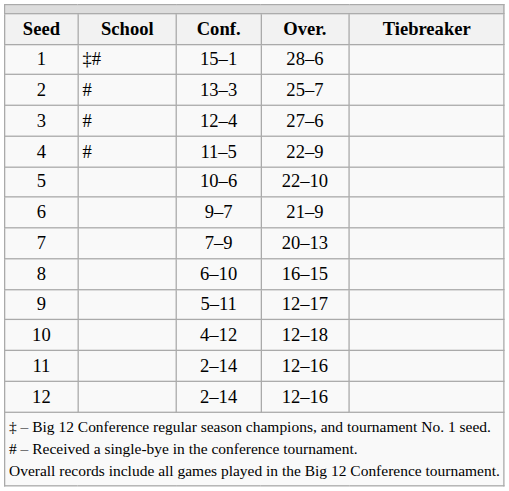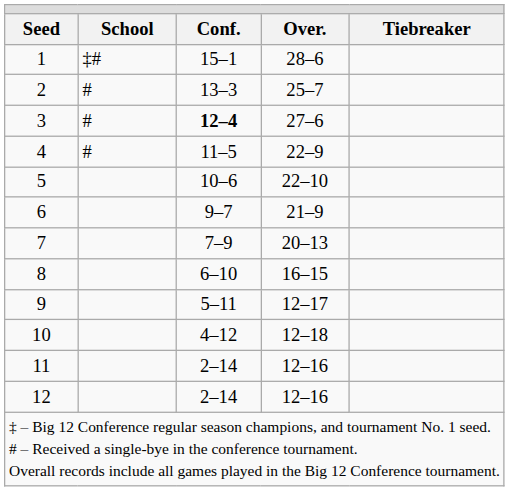 <table class="wikitable" style="white-space:nowrap; font-size:90%;text-align:center">
 <tr>
 <td colspan="10" style="text-align:center; background:#DDDDDD; font:#000000"><strong></strong></td>
 </tr>
 <tr bgcolor="#efefef">
 <th>Seed</th>
 <th>School</th>
 <th>Conf.</th>
 <th>Over.</th>
 <th>Tiebreaker</th>
 </tr>
 <tr>
 <td>1</td>
 <td align=left> ‡#</td>
 <td>15–1</td>
 <td>28–6</td>
 <td></td>
 </tr>
 <tr>
 <td>2</td>
 <td align=left> #</td>
 <td>13–3</td>
 <td>25–7</td>
 <td></td>
 </tr>
 <tr>
 <td>3</td>
 <td align=left> #</td>
-<td>12–4</td>
+<td><strong>12–4</strong></td>
 <td>27–6</td>
 <td></td>
 </tr>
 <tr>
 <td>4</td>
 <td align=left> #</td>
 <td>11–5</td>
 <td>22–9</td>
 <td></td>
 </tr>
 <tr>
 <td>5</td>
 <td align=left></td>
 <td>10–6</td>
 <td>22–10</td>
 <td></td>
 </tr>
 <tr>
 <td>6</td>
 <td align=left></td>
 <td>9–7</td>
 <td>21–9</td>
 <td></td>
 </tr>
 <tr>
 <td>7</td>
 <td align=left></td>
 <td>7–9</td>
 <td>20–13</td>
 <td></td>
 </tr>
 <tr>
 <td>8</td>
 <td align=left></td>
 <td>6–10</td>
 <td>16–15</td>
 <td></td>
 </tr>
 <tr>
 <td>9</td>
 <td align=left></td>
 <td>5–11</td>
 <td>12–17</td>
 <td></td>
 </tr>
 <tr>
 <td>10</td>
 <td align=left></td>
 <td>4–12</td>
 <td>12–18</td>
 <td></td>
 </tr>
 <tr>
 <td>11</td>
 <td align=left></td>
 <td>2–14</td>
 <td>12–16</td>
 <td></td>
 </tr>
 <tr>
 <td>12</td>
 <td align=left></td>
 <td>2–14</td>
 <td>12–16</td>
 <td></td>
 </tr>
 <tr>
 <td colspan="10" style="text-align:left;"><small>‡ – Big 12 Conference regular season champions, and tournament No. 1 seed.<br># – Received a single-bye in the conference tournament.<br>Overall records include all games played in the Big 12 Conference tournament.</small></td>
 </tr>
 </table>
